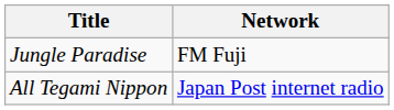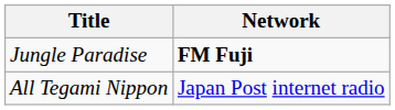 <table class="wikitable">
 <tr>
 <th>Title</th>
 <th>Network</th>
 </tr>
 <tr>
 <td><em>Jungle Paradise</em></td>
-<td>FM Fuji</td>
+<td><strong>FM Fuji</strong></td>
 </tr>
 <tr>
 <td><em>All Tegami Nippon</em></td>
 <td><a href='#'>Japan Post</a> <a href='#'>internet radio</a></td>
 </tr>
 </table>
